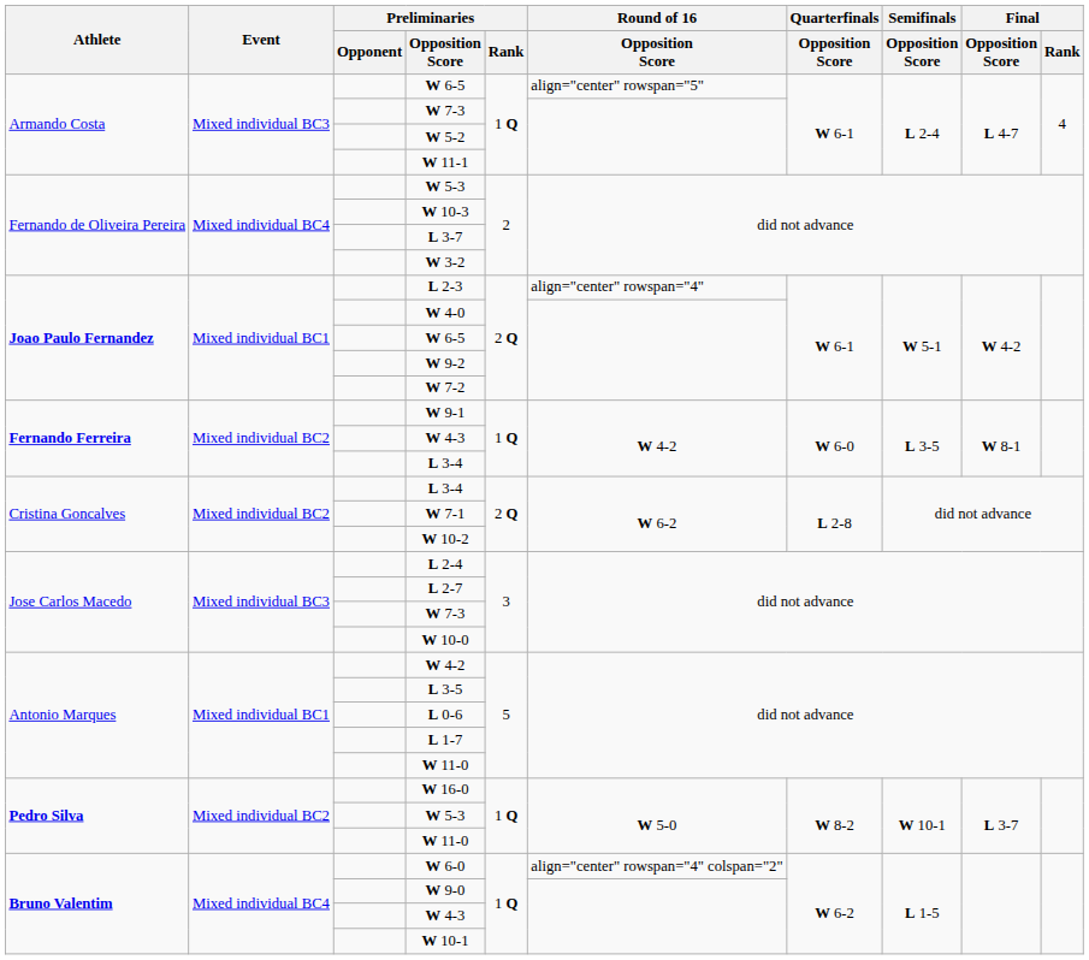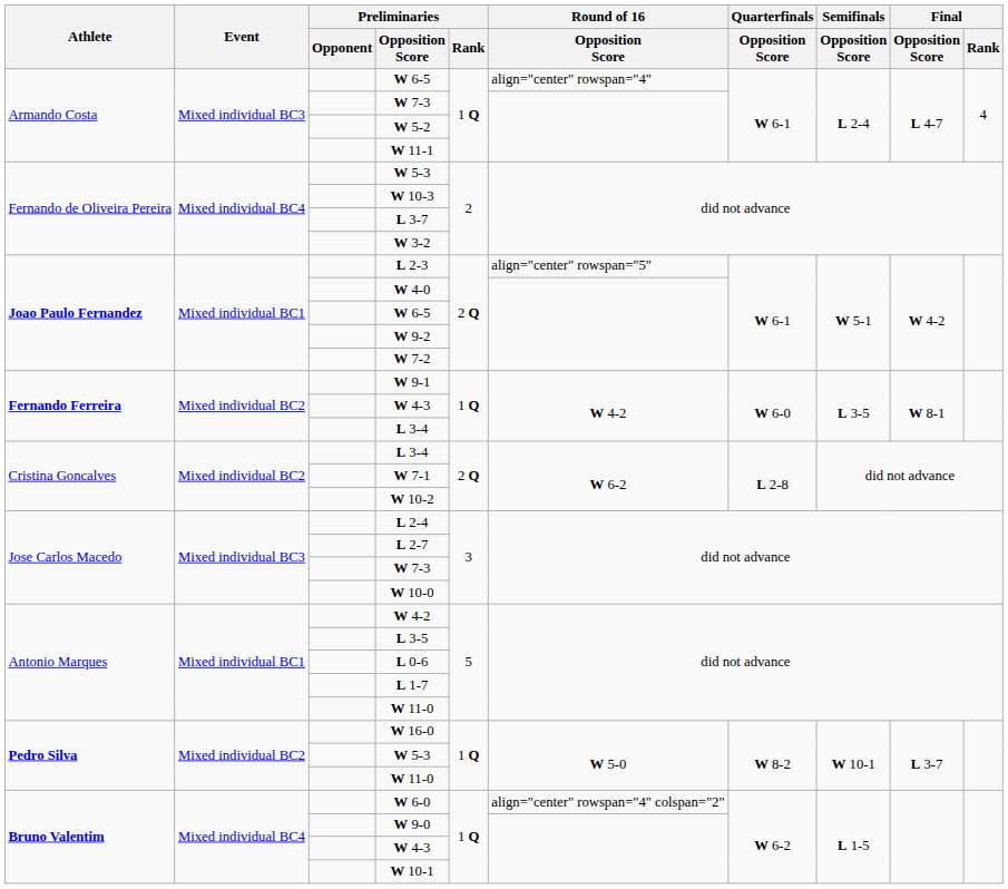 <table class=wikitable style="font-size:90%">
 <tr>
 <th rowspan="2">Athlete</th>
 <th rowspan="2">Event</th>
 <th colspan="3">Preliminaries</th>
 <th>Round of 16</th>
 <th>Quarterfinals</th>
 <th>Semifinals</th>
 <th colspan="2">Final</th>
 </tr>
 <tr>
 <th>Opponent</th>
 <th>Opposition<br>Score</th>
 <th>Rank</th>
 <th>Opposition<br>Score</th>
 <th>Opposition<br>Score</th>
 <th>Opposition<br>Score</th>
 <th>Opposition<br>Score</th>
 <th>Rank</th>
 </tr>
 <tr>
 <td rowspan="4"><a href='#'>Armando Costa</a></td>
 <td rowspan="4"><a href='#'>Mixed individual BC3</a></td>
 <td align="left"></td>
 <td align="center"><strong>W</strong> 6-5</td>
 <td align="center" rowspan="4">1 <strong>Q</strong></td>
-<td>align="center" rowspan="5" </td>
+<td>align="center" rowspan="4" </td>
 <td align="center" rowspan="4"><br><strong>W</strong> 6-1</td>
 <td align="center" rowspan="4"><br><strong>L</strong> 2-4</td>
 <td align="center" rowspan="4"><br><strong>L</strong> 4-7</td>
 <td align="center" rowspan="4">4</td>
 </tr>
 <tr>
 <td align="left"></td>
 <td align="center"><strong>W</strong> 7-3</td>
 </tr>
 <tr>
 <td align="left"></td>
 <td align="center"><strong>W</strong> 5-2</td>
 </tr>
 <tr>
 <td align="left"></td>
 <td align="center"><strong>W</strong> 11-1</td>
 </tr>
 <tr>
 <td rowspan="4"><a href='#'>Fernando de Oliveira Pereira</a></td>
 <td rowspan="4"><a href='#'>Mixed individual BC4</a></td>
 <td align="left"></td>
 <td align="center"><strong>W</strong> 5-3</td>
 <td align="center" rowspan="4">2</td>
 <td align="center" rowspan="4" colspan="5">did not advance</td>
 </tr>
 <tr>
 <td align="left"></td>
 <td align="center"><strong>W</strong> 10-3</td>
 </tr>
 <tr>
 <td align="left"></td>
 <td align="center"><strong>L</strong> 3-7</td>
 </tr>
 <tr>
 <td align="left"></td>
 <td align="center"><strong>W</strong> 3-2</td>
 </tr>
 <tr>
 <td rowspan="5"><strong><a href='#'>Joao Paulo Fernandez</a></strong></td>
 <td rowspan="5"><a href='#'>Mixed individual BC1</a></td>
 <td align="left"></td>
 <td align="center"><strong>L</strong> 2-3</td>
 <td align="center" rowspan="5">2 <strong>Q</strong></td>
-<td>align="center" rowspan="4" </td>
+<td>align="center" rowspan="5" </td>
 <td align="center" rowspan="5"><br><strong>W</strong> 6-1</td>
 <td align="center" rowspan="5"><br><strong>W</strong> 5-1</td>
 <td align="center" rowspan="5"><br><strong>W</strong> 4-2</td>
 <td align="center" rowspan="5"></td>
 </tr>
 <tr>
 <td align="left"></td>
 <td align="center"><strong>W</strong> 4-0</td>
 </tr>
 <tr>
 <td align="left"></td>
 <td align="center"><strong>W</strong> 6-5</td>
 </tr>
 <tr>
 <td align="left"></td>
 <td align="center"><strong>W</strong> 9-2</td>
 </tr>
 <tr>
 <td align="left"></td>
 <td align="center"><strong>W</strong> 7-2</td>
 </tr>
 <tr>
 <td rowspan="3"><strong><a href='#'>Fernando Ferreira</a></strong></td>
 <td rowspan="3"><a href='#'>Mixed individual BC2</a></td>
 <td align="left"></td>
 <td align="center"><strong>W</strong> 9-1</td>
 <td align="center" rowspan="3">1 <strong>Q</strong></td>
 <td align="center" rowspan="3"><br><strong>W</strong> 4-2</td>
 <td align="center" rowspan="3"><br><strong>W</strong> 6-0</td>
 <td align="center" rowspan="3"><br><strong>L</strong> 3-5</td>
 <td align="center" rowspan="3"><br><strong>W</strong> 8-1</td>
 <td align="center" rowspan="3"></td>
 </tr>
 <tr>
 <td align="left"></td>
 <td align="center"><strong>W</strong> 4-3</td>
 </tr>
 <tr>
 <td align="left"></td>
 <td align="center"><strong>L</strong> 3-4</td>
 </tr>
 <tr>
 <td rowspan="3"><a href='#'>Cristina Goncalves</a></td>
 <td rowspan="3"><a href='#'>Mixed individual BC2</a></td>
 <td align="left"></td>
 <td align="center"><strong>L</strong> 3-4</td>
 <td align="center" rowspan="3">2 <strong>Q</strong></td>
 <td align="center" rowspan="3"><br><strong>W</strong> 6-2</td>
 <td align="center" rowspan="3"><br><strong>L</strong> 2-8</td>
 <td align="center" rowspan="3" colspan="3">did not advance</td>
 </tr>
 <tr>
 <td align="left"></td>
 <td align="center"><strong>W</strong> 7-1</td>
 </tr>
 <tr>
 <td align="left"></td>
 <td align="center"><strong>W</strong> 10-2</td>
 </tr>
 <tr>
 <td rowspan="4"><a href='#'>Jose Carlos Macedo</a></td>
 <td rowspan="4"><a href='#'>Mixed individual BC3</a></td>
 <td align="left"></td>
 <td align="center"><strong>L</strong> 2-4</td>
 <td align="center" rowspan="4">3</td>
 <td align="center" rowspan="4" colspan="5">did not advance</td>
 </tr>
 <tr>
 <td align="left"></td>
 <td align="center"><strong>L</strong> 2-7</td>
 </tr>
 <tr>
 <td align="left"></td>
 <td align="center"><strong>W</strong> 7-3</td>
 </tr>
 <tr>
 <td align="left"></td>
 <td align="center"><strong>W</strong> 10-0</td>
 </tr>
 <tr>
 <td rowspan="5"><a href='#'>Antonio Marques</a></td>
 <td rowspan="5"><a href='#'>Mixed individual BC1</a></td>
 <td align="left"></td>
 <td align="center"><strong>W</strong> 4-2</td>
 <td align="center" rowspan="5">5</td>
 <td align="center" rowspan="5" colspan="5">did not advance</td>
 </tr>
 <tr>
 <td align="left"></td>
 <td align="center"><strong>L</strong> 3-5</td>
 </tr>
 <tr>
 <td align="left"></td>
 <td align="center"><strong>L</strong> 0-6</td>
 </tr>
 <tr>
 <td align="left"></td>
 <td align="center"><strong>L</strong> 1-7</td>
 </tr>
 <tr>
 <td align="left"></td>
 <td align="center"><strong>W</strong> 11-0</td>
 </tr>
 <tr>
 <td rowspan="3"><strong><a href='#'>Pedro Silva</a></strong></td>
 <td rowspan="3"><a href='#'>Mixed individual BC2</a></td>
 <td align="left"></td>
 <td align="center"><strong>W</strong> 16-0</td>
 <td align="center" rowspan="3">1 <strong>Q</strong></td>
 <td align="center" rowspan="3"><br><strong>W</strong> 5-0</td>
 <td align="center" rowspan="3"><br><strong>W</strong> 8-2</td>
 <td align="center" rowspan="3"><br><strong>W</strong> 10-1</td>
 <td align="center" rowspan="3"><br><strong>L</strong> 3-7</td>
 <td align="center" rowspan="3"></td>
 </tr>
 <tr>
 <td align="left"></td>
 <td align="center"><strong>W</strong> 5-3</td>
 </tr>
 <tr>
 <td align="left"></td>
 <td align="center"><strong>W</strong> 11-0</td>
 </tr>
 <tr>
 <td rowspan="4"><strong><a href='#'>Bruno Valentim</a></strong></td>
 <td rowspan="4"><a href='#'>Mixed individual BC4</a></td>
 <td align="left"></td>
 <td align="center"><strong>W</strong> 6-0</td>
 <td align="center" rowspan="4">1 <strong>Q</strong></td>
 <td>align="center" rowspan="4" colspan="2" </td>
 <td align="center" rowspan="4"><br><strong>W</strong> 6-2</td>
 <td align="center" rowspan="4"><br><strong>L</strong> 1-5</td>
 <td align="center" rowspan="4"></td>
 </tr>
 <tr>
 <td align="left"></td>
 <td align="center"><strong>W</strong> 9-0</td>
 </tr>
 <tr>
 <td align="left"></td>
 <td align="center"><strong>W</strong> 4-3</td>
 </tr>
 <tr>
 <td align="left"></td>
 <td align="center"><strong>W</strong> 10-1</td>
 </tr>
 </table>
